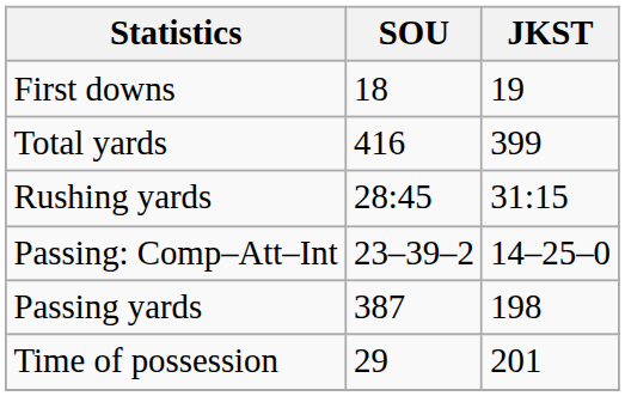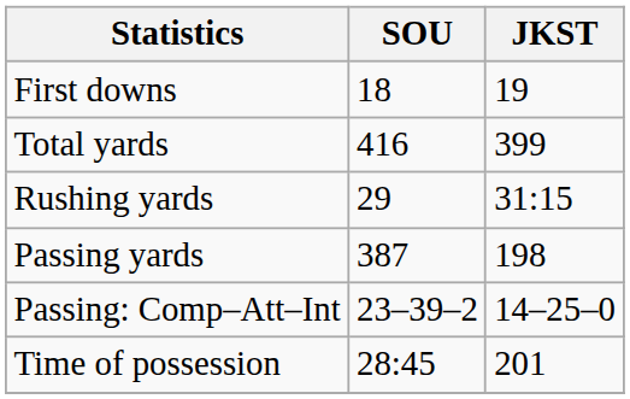 <table class="wikitable" style="float: left;">
 <tr>
 <th>Statistics</th>
 <th>SOU</th>
 <th>JKST</th>
 </tr>
 <tr>
 <td>First downs</td>
 <td>18</td>
 <td>19</td>
 </tr>
 <tr>
 <td>Total yards</td>
 <td>416</td>
 <td>399</td>
 </tr>
 <tr>
 <td>Rushing yards</td>
-<td>28:45</td>
+<td>29</td>
 <td>31:15</td>
+</tr>
+<tr>
+<td>Passing yards</td>
+<td>387</td>
+<td>198</td>
 </tr>
 <tr>
 <td>Passing: Comp–Att–Int</td>
 <td>23–39–2</td>
 <td>14–25–0</td>
 </tr>
 <tr>
-<td>Passing yards</td>
-<td>387</td>
-<td>198</td>
-</tr>
-<tr>
 <td>Time of possession</td>
-<td>29</td>
+<td>28:45</td>
 <td>201</td>
 </tr>
 <tr>
 </tr>
 </table>
